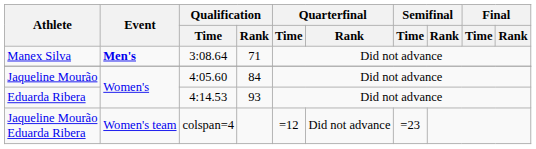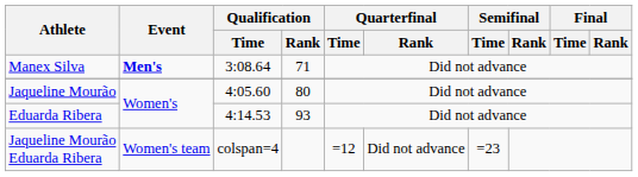 <table class=wikitable style=font-size:90%;text-align:center>
 <tr>
 <th rowspan=2>Athlete</th>
 <th rowspan=2>Event</th>
 <th colspan=2>Qualification</th>
 <th colspan=2>Quarterfinal</th>
 <th colspan=2>Semifinal</th>
 <th colspan=2>Final</th>
 </tr>
 <tr>
 <th>Time</th>
 <th>Rank</th>
 <th>Time</th>
 <th>Rank</th>
 <th>Time</th>
 <th>Rank</th>
 <th>Time</th>
 <th>Rank</th>
 </tr>
 <tr>
 <td align=left><a href='#'>Manex Silva</a></td>
 <td align=left><strong><a href='#'>Men's</a></strong></td>
 <td>3:08.64</td>
 <td>71</td>
 <td colspan=6>Did not advance</td>
 </tr>
 <tr>
 </tr>
 <tr align=center>
 <td align=left><a href='#'>Jaqueline Mourão</a></td>
 <td align=left rowspan=2><a href='#'>Women's</a></td>
 <td>4:05.60</td>
-<td>84</td>
+<td>80</td>
 <td colspan=6>Did not advance</td>
 </tr>
 <tr align=center>
 <td align=left><a href='#'>Eduarda Ribera</a></td>
 <td>4:14.53</td>
 <td>93</td>
 <td colspan=6>Did not advance</td>
 </tr>
 <tr align=center>
 <td align=left><a href='#'>Jaqueline Mourão</a><br><a href='#'>Eduarda Ribera</a></td>
 <td align=left rowspan=2><a href='#'>Women's team</a></td>
 <td>colspan=4 </td>
 <td></td>
 <td>=12</td>
 <td>Did not advance</td>
 <td>=23</td>
 </tr>
 </table>
